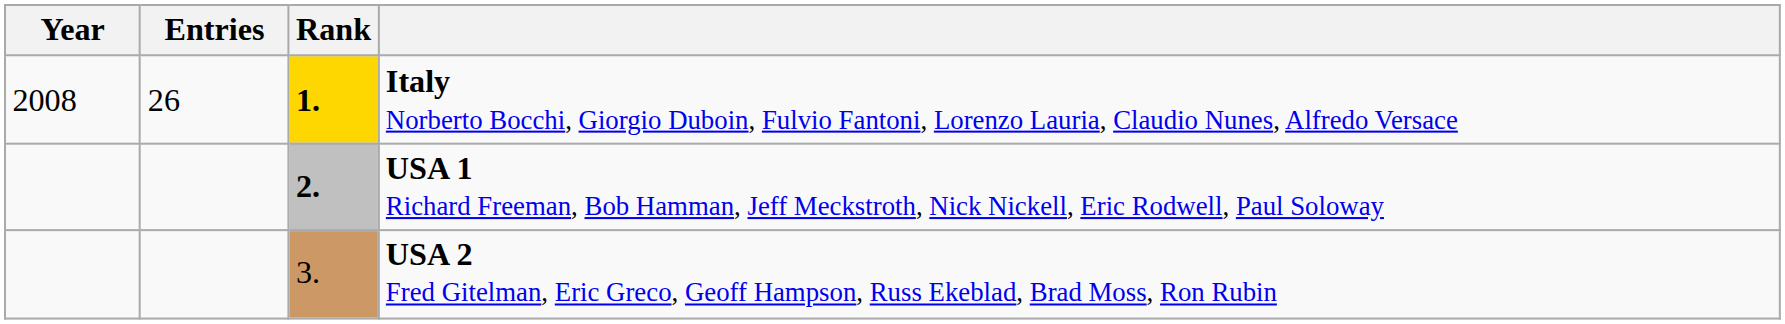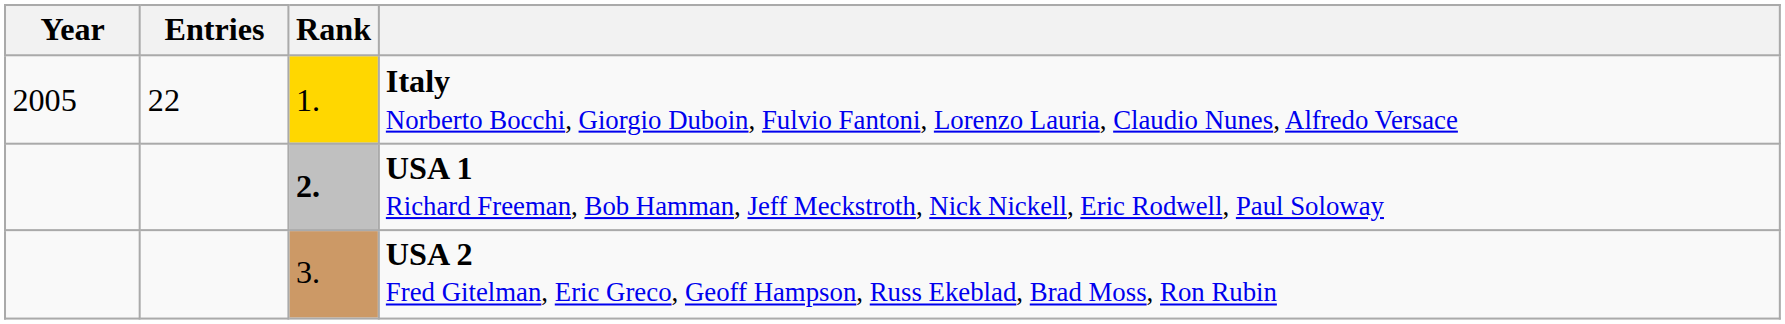 <table class="wikitable" style="width:100%;">
 <tr>
 <th>Year</th>
 <th>Entries</th>
 <th>Rank</th>
 <th></th>
 </tr>
 <tr>
-<td width=60>2008</td>
-<td>26</td>
-<td style="background:gold; width:30px;"><strong>1.</strong></td>
+<td width=60>2005</td>
+<td>22</td>
+<td style="background:gold; width:30px;">1.</td>
 <td> <strong>Italy</strong><br><small><a href='#'>Norberto Bocchi</a>, <a href='#'>Giorgio Duboin</a>, <a href='#'>Fulvio Fantoni</a>, <a href='#'>Lorenzo Lauria</a>, <a href='#'>Claudio Nunes</a>, <a href='#'>Alfredo Versace</a></small></td>
 </tr>
 <tr>
 <td></td>
 <td></td>
 <td style="background:silver;"><strong>2.</strong></td>
 <td> <strong>USA 1</strong> <br><small><a href='#'>Richard Freeman</a>, <a href='#'>Bob Hamman</a>, <a href='#'>Jeff Meckstroth</a>, <a href='#'>Nick Nickell</a>, <a href='#'>Eric Rodwell</a>, <a href='#'>Paul Soloway</a></small></td>
 </tr>
 <tr>
 <td></td>
 <td></td>
 <td style="background:#c96;">3.</td>
 <td> <strong>USA 2</strong> <br><small><a href='#'>Fred Gitelman</a>, <a href='#'>Eric Greco</a>, <a href='#'>Geoff Hampson</a>, <a href='#'>Russ Ekeblad</a>, <a href='#'>Brad Moss</a>, <a href='#'>Ron Rubin</a></small></td>
 </tr>
 </table>
